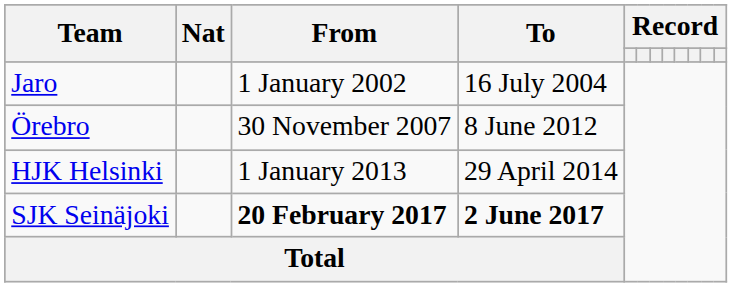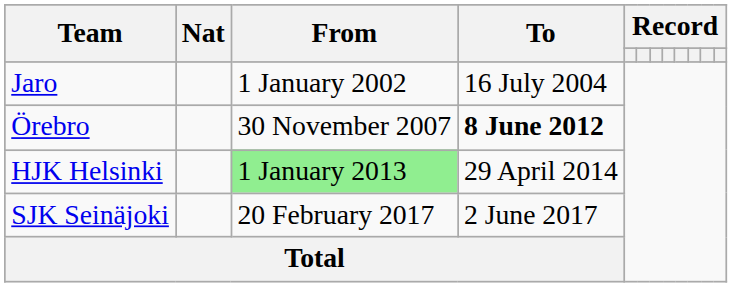 <table class="wikitable" style="text-align: center">
 <tr>
 <th rowspan=2>Team</th>
 <th rowspan=2>Nat</th>
 <th rowspan=2>From</th>
 <th rowspan=2>To</th>
 <th colspan=8>Record</th>
 </tr>
 <tr>
 <th></th>
 <th></th>
 <th></th>
 <th></th>
 <th></th>
 <th></th>
 <th></th>
 <th></th>
 </tr>
 <tr>
 <td align=left><a href='#'>Jaro</a></td>
 <td></td>
 <td align=left>1 January 2002</td>
 <td align=left>16 July 2004<br></td>
 </tr>
 <tr>
 <td align=left><a href='#'>Örebro</a></td>
 <td></td>
 <td align=left>30 November 2007</td>
-<td align=left>8 June 2012<br></td>
+<td align=left><strong>8 June 2012<br></strong></td>
 </tr>
 <tr>
 <td align=left><a href='#'>HJK Helsinki</a></td>
 <td></td>
-<td align=left>1 January 2013</td>
+<td align=left style="background: lightgreen;">1 January 2013</td>
 <td align=left>29 April 2014<br></td>
 </tr>
 <tr>
 <td align=left><a href='#'>SJK Seinäjoki</a></td>
 <td></td>
-<td align=left><strong>20 February 2017</strong></td>
-<td align=left><strong>2 June 2017<br></strong></td>
+<td align=left>20 February 2017</td>
+<td align=left>2 June 2017<br></td>
 </tr>
 <tr>
 <th colspan=4>Total<br></th>
 </tr>
 </table>
